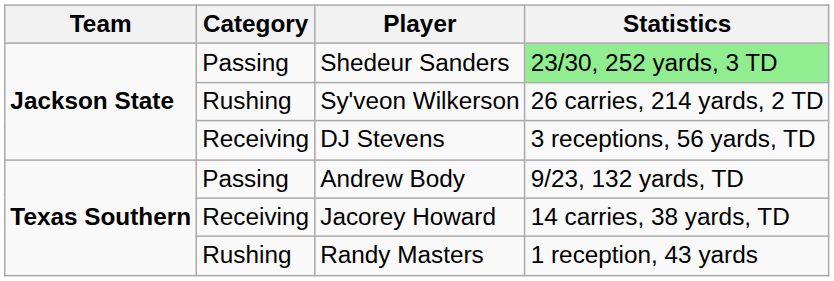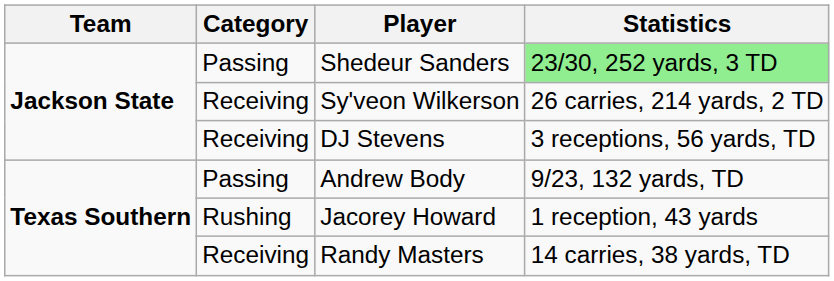 <table class="wikitable" style="float: left;">
 <tr>
 <th>Team</th>
 <th>Category</th>
 <th>Player</th>
 <th>Statistics</th>
 </tr>
 <tr>
 <td rowspan=3><strong>Jackson State</strong></td>
 <td>Passing</td>
 <td>Shedeur Sanders</td>
 <td style="background: lightgreen;">23/30, 252 yards, 3 TD</td>
 </tr>
 <tr>
-<td>Rushing</td>
+<td>Receiving</td>
 <td>Sy'veon Wilkerson</td>
 <td>26 carries, 214 yards, 2 TD</td>
 </tr>
 <tr>
 <td>Receiving</td>
 <td>DJ Stevens</td>
 <td>3 receptions, 56 yards, TD</td>
 </tr>
 <tr>
 <td rowspan=3><strong>Texas Southern</strong></td>
 <td>Passing</td>
 <td>Andrew Body</td>
 <td>9/23, 132 yards, TD</td>
 </tr>
 <tr>
+<td>Rushing</td>
+<td>Jacorey Howard</td>
+<td>1 reception, 43 yards</td>
+</tr>
+<tr>
 <td>Receiving</td>
-<td>Jacorey Howard</td>
+<td>Randy Masters</td>
 <td>14 carries, 38 yards, TD</td>
 </tr>
-<tr>
-<td>Rushing</td>
-<td>Randy Masters</td>
-<td>1 reception, 43 yards</td>
-</tr>
 </table>
